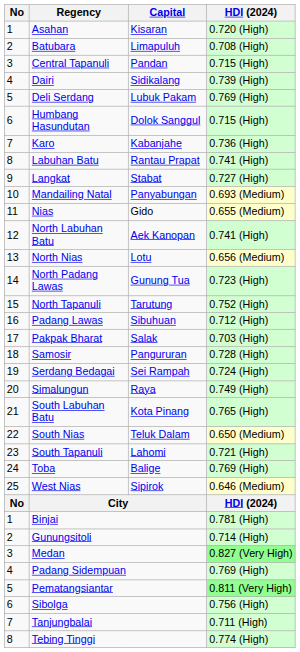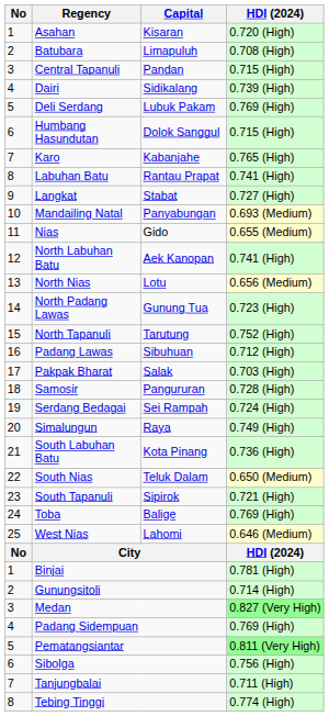 <table class="wikitable sortable">
 <tr>
 <th width="30">No</th>
 <th width="140">Regency</th>
 <th width="110"><a href='#'>Capital</a></th>
 <th><a href='#'>HDI</a> (2024)</th>
 </tr>
 <tr>
 <td>1</td>
 <td><a href='#'>Asahan</a></td>
 <td><a href='#'>Kisaran</a></td>
 <td style="background-color:#D2FFD2">0.720 (High)</td>
 </tr>
 <tr>
 <td>2</td>
 <td><a href='#'>Batubara</a></td>
 <td><a href='#'>Limapuluh</a></td>
 <td style="background-color:#D2FFD2">0.708 (High)</td>
 </tr>
 <tr>
 <td>3</td>
 <td><a href='#'>Central Tapanuli</a></td>
 <td><a href='#'>Pandan</a></td>
 <td style="background-color:#D2FFD2">0.715 (High)</td>
 </tr>
 <tr>
 <td>4</td>
 <td><a href='#'>Dairi</a></td>
 <td><a href='#'>Sidikalang</a></td>
 <td style="background-color:#D2FFD2">0.739 (High)</td>
 </tr>
 <tr>
 <td>5</td>
 <td><a href='#'>Deli Serdang</a></td>
 <td><a href='#'>Lubuk Pakam</a></td>
 <td style="background-color:#D2FFD2">0.769 (High)</td>
 </tr>
 <tr>
 <td>6</td>
 <td><a href='#'>Humbang Hasundutan</a></td>
 <td><a href='#'>Dolok Sanggul</a></td>
 <td style="background-color:#D2FFD2">0.715 (High)</td>
 </tr>
 <tr>
 <td>7</td>
 <td><a href='#'>Karo</a></td>
 <td><a href='#'>Kabanjahe</a></td>
-<td style="background-color:#D2FFD2">0.736 (High)</td>
+<td style="background-color:#D2FFD2">0.765 (High)</td>
 </tr>
 <tr>
 <td>8</td>
 <td><a href='#'>Labuhan Batu</a></td>
 <td><a href='#'>Rantau Prapat</a></td>
 <td style="background-color:#D2FFD2">0.741 (High)</td>
 </tr>
 <tr>
 <td>9</td>
 <td><a href='#'>Langkat</a></td>
 <td><a href='#'>Stabat</a></td>
 <td style="background-color:#D2FFD2">0.727 (High)</td>
 </tr>
 <tr>
 <td>10</td>
 <td><a href='#'>Mandailing Natal</a></td>
 <td><a href='#'>Panyabungan</a></td>
 <td style="background-color:#FFFFCC">0.693 (Medium)</td>
 </tr>
 <tr>
 <td>11</td>
 <td><a href='#'>Nias</a></td>
 <td>Gido</td>
 <td style="background-color:#FFFFCC">0.655 (Medium)</td>
 </tr>
 <tr>
 <td>12</td>
 <td><a href='#'>North Labuhan Batu</a></td>
 <td><a href='#'>Aek Kanopan</a></td>
 <td style="background-color:#D2FFD2">0.741 (High)</td>
 </tr>
 <tr>
 <td>13</td>
 <td><a href='#'>North Nias</a></td>
 <td><a href='#'>Lotu</a></td>
 <td style="background-color:#FFFFCC">0.656 (Medium)</td>
 </tr>
 <tr>
 <td>14</td>
 <td><a href='#'>North Padang Lawas</a></td>
 <td><a href='#'>Gunung Tua</a></td>
 <td style="background-color:#D2FFD2">0.723 (High)</td>
 </tr>
 <tr>
 <td>15</td>
 <td><a href='#'>North Tapanuli</a></td>
 <td><a href='#'>Tarutung</a></td>
 <td style="background-color:#D2FFD2">0.752 (High)</td>
 </tr>
 <tr>
 <td>16</td>
 <td><a href='#'>Padang Lawas</a></td>
 <td><a href='#'>Sibuhuan</a></td>
 <td style="background-color:#D2FFD2">0.712 (High)</td>
 </tr>
 <tr>
 <td>17</td>
 <td><a href='#'>Pakpak Bharat</a></td>
 <td><a href='#'>Salak</a></td>
 <td style="background-color:#D2FFD2">0.703 (High)</td>
 </tr>
 <tr>
 <td>18</td>
 <td><a href='#'>Samosir</a></td>
 <td><a href='#'>Pangururan</a></td>
 <td style="background-color:#D2FFD2">0.728 (High)</td>
 </tr>
 <tr>
 <td>19</td>
 <td><a href='#'>Serdang Bedagai</a></td>
 <td><a href='#'>Sei Rampah</a></td>
 <td style="background-color:#D2FFD2">0.724 (High)</td>
 </tr>
 <tr>
 <td>20</td>
 <td><a href='#'>Simalungun</a></td>
 <td><a href='#'>Raya</a></td>
 <td style="background-color:#D2FFD2">0.749 (High)</td>
 </tr>
 <tr>
 <td>21</td>
 <td><a href='#'>South Labuhan Batu</a></td>
 <td><a href='#'>Kota Pinang</a></td>
-<td style="background-color:#D2FFD2">0.765 (High)</td>
+<td style="background-color:#D2FFD2">0.736 (High)</td>
 </tr>
 <tr>
 <td>22</td>
 <td><a href='#'>South Nias</a></td>
 <td><a href='#'>Teluk Dalam</a></td>
 <td style="background-color:#FFFFCC">0.650 (Medium)</td>
 </tr>
 <tr>
 <td>23</td>
 <td><a href='#'>South Tapanuli</a></td>
-<td><a href='#'>Lahomi</a></td>
+<td><a href='#'>Sipirok</a></td>
 <td style="background-color:#D2FFD2">0.721 (High)</td>
 </tr>
 <tr>
 <td>24</td>
 <td><a href='#'>Toba</a></td>
 <td><a href='#'>Balige</a></td>
 <td style="background-color:#D2FFD2">0.769 (High)</td>
 </tr>
 <tr>
 <td>25</td>
 <td><a href='#'>West Nias</a></td>
-<td><a href='#'>Sipirok</a></td>
+<td><a href='#'>Lahomi</a></td>
 <td style="background-color:#FFFFCC">0.646 (Medium)</td>
 </tr>
 <tr>
 <th>No</th>
 <th colspan="2">City</th>
 <th><a href='#'>HDI</a> (2024)</th>
 </tr>
 <tr>
 <td>1</td>
 <td colspan="2"><a href='#'>Binjai</a></td>
 <td style="background-color:#D2FFD2">0.781 (High)</td>
 </tr>
 <tr>
 <td>2</td>
 <td colspan="2"><a href='#'>Gunungsitoli</a></td>
 <td style="background-color:#D2FFD2">0.714 (High)</td>
 </tr>
 <tr>
 <td>3</td>
 <td colspan="2"><a href='#'>Medan</a></td>
 <td style="background-color:#90FF90">0.827 (Very High)</td>
 </tr>
 <tr>
 <td>4</td>
 <td colspan="2"><a href='#'>Padang Sidempuan</a></td>
 <td style="background-color:#D2FFD2">0.769 (High)</td>
 </tr>
 <tr>
 <td>5</td>
 <td colspan="2"><a href='#'>Pematangsiantar</a></td>
 <td style="background-color:#90FF90">0.811 (Very High)</td>
 </tr>
 <tr>
 <td>6</td>
 <td colspan="2"><a href='#'>Sibolga</a></td>
 <td style="background-color:#D2FFD2">0.756 (High)</td>
 </tr>
 <tr>
 <td>7</td>
 <td colspan="2"><a href='#'>Tanjungbalai</a></td>
 <td style="background-color:#D2FFD2">0.711 (High)</td>
 </tr>
 <tr>
 <td>8</td>
 <td colspan="2"><a href='#'>Tebing Tinggi</a></td>
 <td style="background-color:#D2FFD2">0.774 (High)</td>
 </tr>
 </table>
